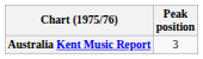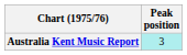 <table class="wikitable sortable plainrowheaders">
 <tr>
 <th scope="col">Chart (1975/76)</th>
 <th scope="col">Peak<br>position</th>
 </tr>
 <tr>
 <th scope="row">Australia <a href='#'>Kent Music Report</a></th>
-<td style="text-align:center;">3</td>
+<td style="background: paleturquoise; text-align:center;">3</td>
 </tr>
 </table>
